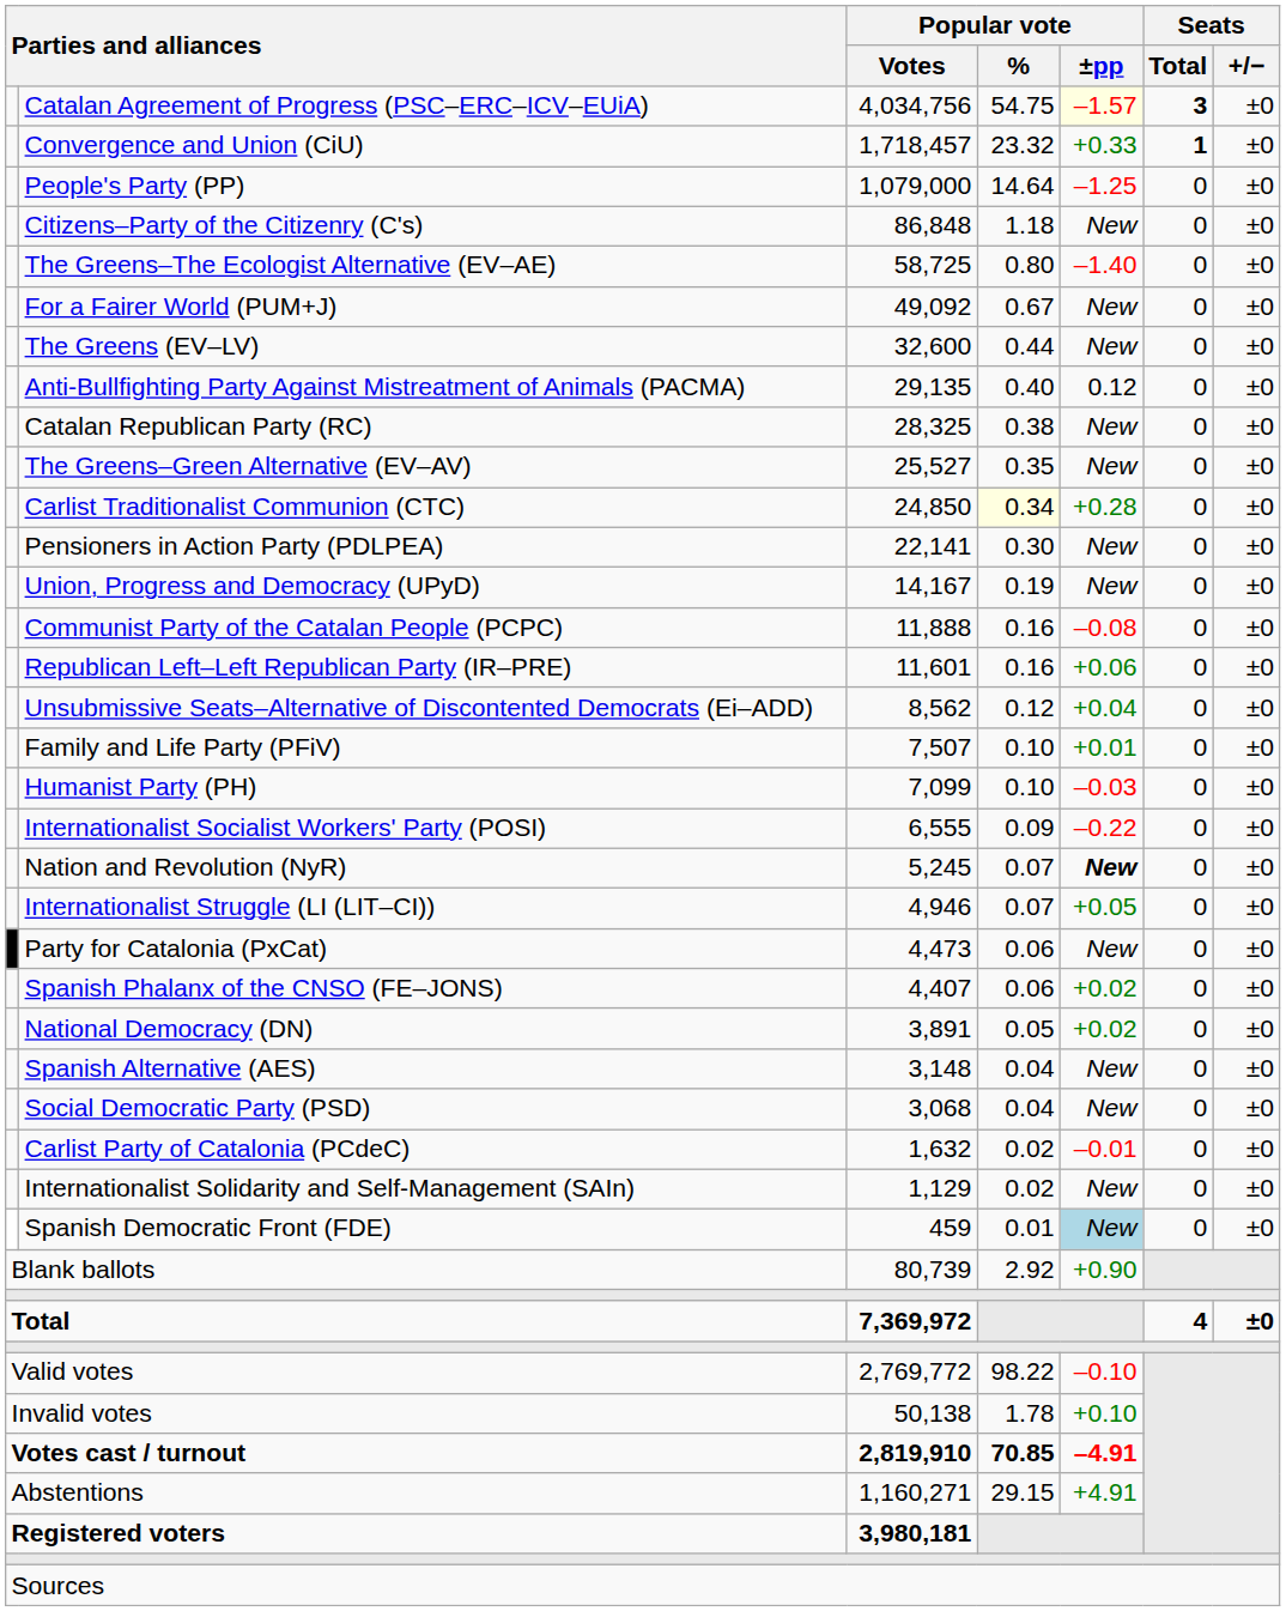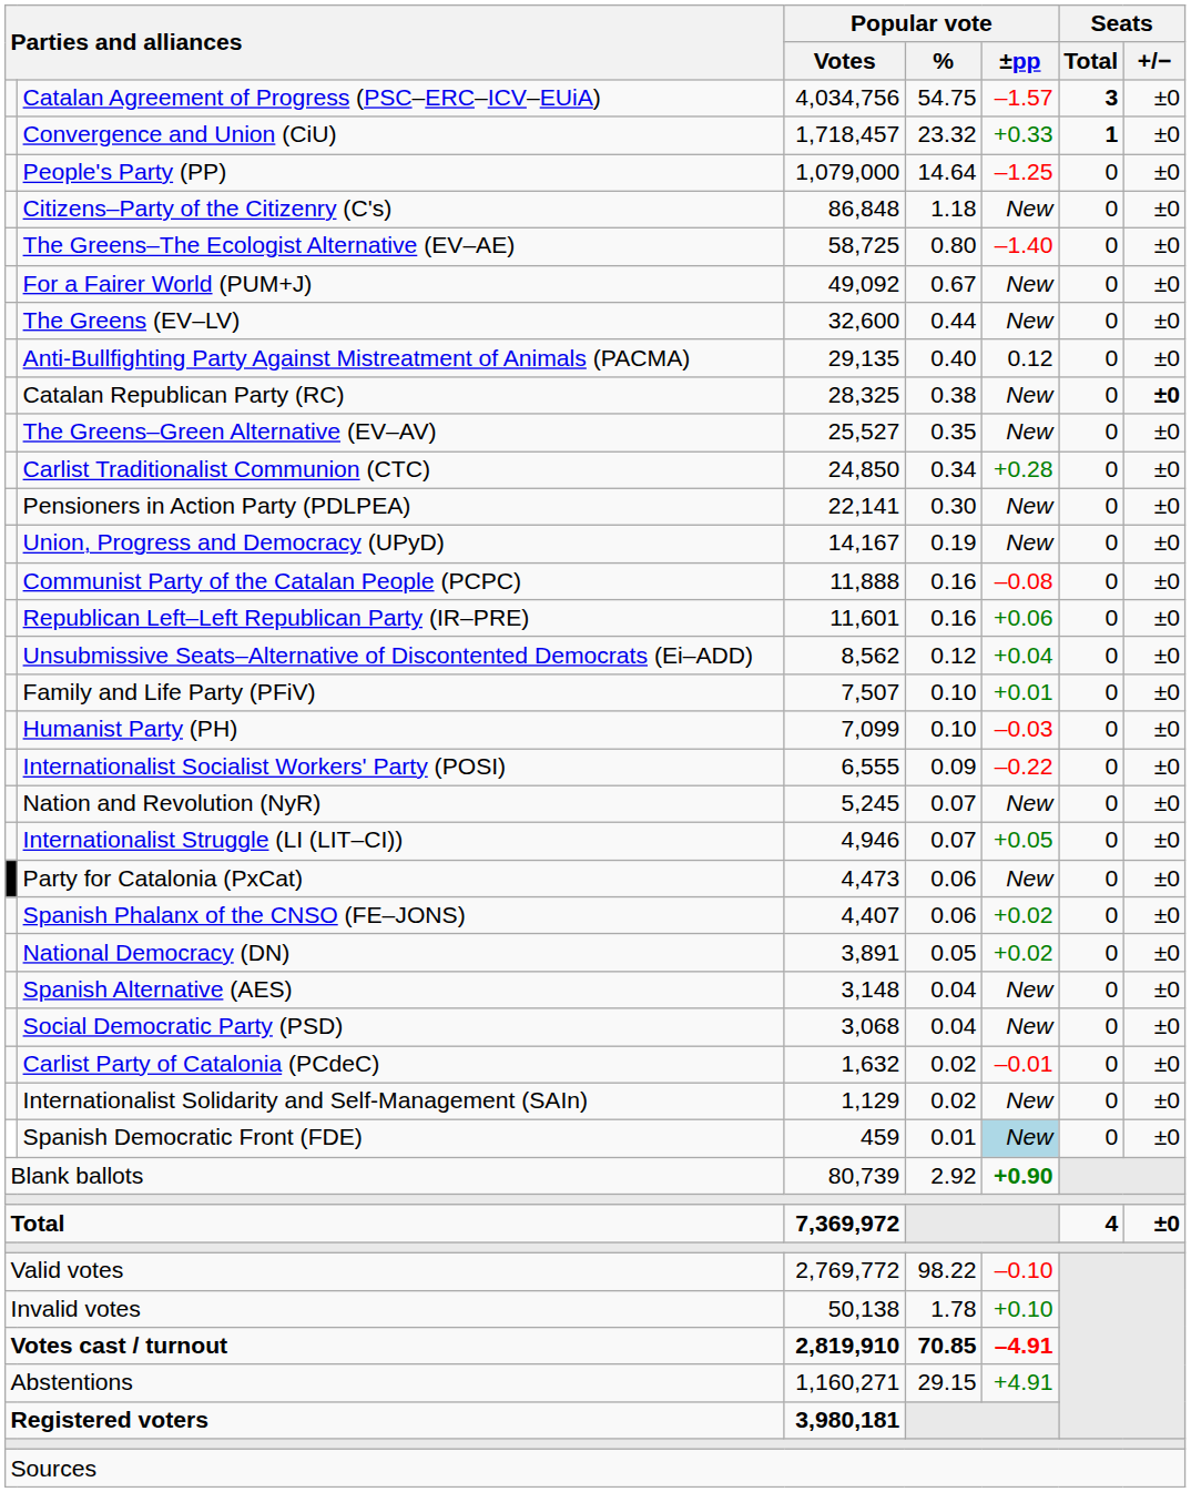 <table class="wikitable" style="text-align:right;">
 <tr>
 <th style="text-align:left;" rowspan="2" colspan="2" width="525">Parties and alliances</th>
 <th colspan="3">Popular vote</th>
 <th colspan="2">Seats</th>
 </tr>
 <tr>
 <th width="75">Votes</th>
 <th width="45">%</th>
 <th width="45">±<a href='#'>pp</a></th>
 <th width="35">Total</th>
 <th width="35">+/−</th>
 </tr>
 <tr>
 <td width="1" style="color:inherit;background:"></td>
 <td align="left"><a href='#'>Catalan Agreement of Progress</a> (<a href='#'>PSC</a>–<a href='#'>ERC</a>–<a href='#'>ICV</a>–<a href='#'>EUiA</a>)</td>
 <td>4,034,756</td>
 <td>54.75</td>
-<td style="background: lightyellow; color:red;">–1.57</td>
+<td style="color:red;">–1.57</td>
 <td><strong>3</strong></td>
 <td>±0</td>
 </tr>
 <tr>
 <td style="color:inherit;background:"></td>
 <td align="left"><a href='#'>Convergence and Union</a> (CiU)</td>
 <td>1,718,457</td>
 <td>23.32</td>
 <td style="color:green;">+0.33</td>
 <td><strong>1</strong></td>
 <td>±0</td>
 </tr>
 <tr>
 <td style="color:inherit;background:"></td>
 <td align="left"><a href='#'>People's Party</a> (PP)</td>
 <td>1,079,000</td>
 <td>14.64</td>
 <td style="color:red;">–1.25</td>
 <td>0</td>
 <td>±0</td>
 </tr>
 <tr>
 <td style="color:inherit;background:"></td>
 <td align="left"><a href='#'>Citizens–Party of the Citizenry</a> (C's)</td>
 <td>86,848</td>
 <td>1.18</td>
 <td><em>New</em></td>
 <td>0</td>
 <td>±0</td>
 </tr>
 <tr>
 <td style="color:inherit;background:"></td>
 <td align="left"><a href='#'>The Greens–The Ecologist Alternative</a> (EV–AE)</td>
 <td>58,725</td>
 <td>0.80</td>
 <td style="color:red;">–1.40</td>
 <td>0</td>
 <td>±0</td>
 </tr>
 <tr>
 <td style="color:inherit;background:"></td>
 <td align="left"><a href='#'>For a Fairer World</a> (PUM+J)</td>
 <td>49,092</td>
 <td>0.67</td>
 <td><em>New</em></td>
 <td>0</td>
 <td>±0</td>
 </tr>
 <tr>
 <td style="color:inherit;background:"></td>
 <td align="left"><a href='#'>The Greens</a> (EV–LV)</td>
 <td>32,600</td>
 <td>0.44</td>
 <td><em>New</em></td>
 <td>0</td>
 <td>±0</td>
 </tr>
 <tr>
 <td style="color:inherit;background:"></td>
 <td align="left"><a href='#'>Anti-Bullfighting Party Against Mistreatment of Animals</a> (PACMA)</td>
 <td>29,135</td>
 <td>0.40</td>
 <td>0.12</td>
 <td>0</td>
 <td>±0</td>
 </tr>
 <tr>
 <td style="color:inherit;background:"></td>
 <td align="left">Catalan Republican Party (RC)</td>
 <td>28,325</td>
 <td>0.38</td>
 <td><em>New</em></td>
 <td>0</td>
-<td>±0</td>
+<td><strong>±0</strong></td>
 </tr>
 <tr>
 <td style="color:inherit;background:"></td>
 <td align="left"><a href='#'>The Greens–Green Alternative</a> (EV–AV)</td>
 <td>25,527</td>
 <td>0.35</td>
 <td><em>New</em></td>
 <td>0</td>
 <td>±0</td>
 </tr>
 <tr>
 <td style="color:inherit;background:"></td>
 <td align="left"><a href='#'>Carlist Traditionalist Communion</a> (CTC)</td>
 <td>24,850</td>
-<td style="background: lightyellow;">0.34</td>
+<td>0.34</td>
 <td style="color:green;">+0.28</td>
 <td>0</td>
 <td>±0</td>
 </tr>
 <tr>
 <td style="color:inherit;background:"></td>
 <td align="left">Pensioners in Action Party (PDLPEA)</td>
 <td>22,141</td>
 <td>0.30</td>
 <td><em>New</em></td>
 <td>0</td>
 <td>±0</td>
 </tr>
 <tr>
 <td style="color:inherit;background:"></td>
 <td align="left"><a href='#'>Union, Progress and Democracy</a> (UPyD)</td>
 <td>14,167</td>
 <td>0.19</td>
 <td><em>New</em></td>
 <td>0</td>
 <td>±0</td>
 </tr>
 <tr>
 <td style="color:inherit;background:"></td>
 <td align="left"><a href='#'>Communist Party of the Catalan People</a> (PCPC)</td>
 <td>11,888</td>
 <td>0.16</td>
 <td style="color:red;">–0.08</td>
 <td>0</td>
 <td>±0</td>
 </tr>
 <tr>
 <td style="color:inherit;background:"></td>
 <td align="left"><a href='#'>Republican Left–Left Republican Party</a> (IR–PRE)</td>
 <td>11,601</td>
 <td>0.16</td>
 <td style="color:green;">+0.06</td>
 <td>0</td>
 <td>±0</td>
 </tr>
 <tr>
 <td style="color:inherit;background:"></td>
 <td align="left"><a href='#'>Unsubmissive Seats–Alternative of Discontented Democrats</a> (Ei–ADD)</td>
 <td>8,562</td>
 <td>0.12</td>
 <td style="color:green;">+0.04</td>
 <td>0</td>
 <td>±0</td>
 </tr>
 <tr>
 <td style="color:inherit;background:"></td>
 <td align="left">Family and Life Party (PFiV)</td>
 <td>7,507</td>
 <td>0.10</td>
 <td style="color:green;">+0.01</td>
 <td>0</td>
 <td>±0</td>
 </tr>
 <tr>
 <td style="color:inherit;background:"></td>
 <td align="left"><a href='#'>Humanist Party</a> (PH)</td>
 <td>7,099</td>
 <td>0.10</td>
 <td style="color:red;">–0.03</td>
 <td>0</td>
 <td>±0</td>
 </tr>
 <tr>
 <td style="color:inherit;background:"></td>
 <td align="left"><a href='#'>Internationalist Socialist Workers' Party</a> (POSI)</td>
 <td>6,555</td>
 <td>0.09</td>
 <td style="color:red;">–0.22</td>
 <td>0</td>
 <td>±0</td>
 </tr>
 <tr>
 <td style="color:inherit;background:"></td>
 <td align="left">Nation and Revolution (NyR)</td>
 <td>5,245</td>
 <td>0.07</td>
-<td><strong><em>New</em></strong></td>
+<td><em>New</em></td>
 <td>0</td>
 <td>±0</td>
 </tr>
 <tr>
 <td style="color:inherit;background:"></td>
 <td align="left"><a href='#'>Internationalist Struggle</a> (LI (LIT–CI))</td>
 <td>4,946</td>
 <td>0.07</td>
 <td style="color:green;">+0.05</td>
 <td>0</td>
 <td>±0</td>
 </tr>
 <tr>
 <td bgcolor="black"></td>
 <td align="left">Party for Catalonia (PxCat)</td>
 <td>4,473</td>
 <td>0.06</td>
 <td><em>New</em></td>
 <td>0</td>
 <td>±0</td>
 </tr>
 <tr>
 <td style="color:inherit;background:"></td>
 <td align="left"><a href='#'>Spanish Phalanx of the CNSO</a> (FE–JONS)</td>
 <td>4,407</td>
 <td>0.06</td>
 <td style="color:green;">+0.02</td>
 <td>0</td>
 <td>±0</td>
 </tr>
 <tr>
 <td style="color:inherit;background:"></td>
 <td align="left"><a href='#'>National Democracy</a> (DN)</td>
 <td>3,891</td>
 <td>0.05</td>
 <td style="color:green;">+0.02</td>
 <td>0</td>
 <td>±0</td>
 </tr>
 <tr>
 <td style="color:inherit;background:"></td>
 <td align="left"><a href='#'>Spanish Alternative</a> (AES)</td>
 <td>3,148</td>
 <td>0.04</td>
 <td><em>New</em></td>
 <td>0</td>
 <td>±0</td>
 </tr>
 <tr>
 <td style="color:inherit;background:"></td>
 <td align="left"><a href='#'>Social Democratic Party</a> (PSD)</td>
 <td>3,068</td>
 <td>0.04</td>
 <td><em>New</em></td>
 <td>0</td>
 <td>±0</td>
 </tr>
 <tr>
 <td style="color:inherit;background:"></td>
 <td align="left"><a href='#'>Carlist Party of Catalonia</a> (PCdeC)</td>
 <td>1,632</td>
 <td>0.02</td>
 <td style="color:red;">–0.01</td>
 <td>0</td>
 <td>±0</td>
 </tr>
 <tr>
 <td style="color:inherit;background:"></td>
 <td align="left">Internationalist Solidarity and Self-Management (SAIn)</td>
 <td>1,129</td>
 <td>0.02</td>
 <td><em>New</em></td>
 <td>0</td>
 <td>±0</td>
 </tr>
 <tr>
 <td bgcolor="white"></td>
 <td align="left">Spanish Democratic Front (FDE)</td>
 <td>459</td>
 <td>0.01</td>
 <td style="background: lightblue;"><em>New</em></td>
 <td>0</td>
 <td>±0</td>
 </tr>
 <tr>
 <td align="left" colspan="2">Blank ballots</td>
 <td>80,739</td>
 <td>2.92</td>
-<td style="color:green;">+0.90</td>
+<td style="color:green;"><strong>+0.90</strong></td>
 <td bgcolor="#E9E9E9" colspan="2"></td>
 </tr>
 <tr>
 <td colspan="7" bgcolor="#E9E9E9"></td>
 </tr>
 <tr style="font-weight:bold;">
 <td align="left" colspan="2">Total</td>
 <td>7,369,972</td>
 <td bgcolor="#E9E9E9" colspan="2"></td>
 <td>4</td>
 <td>±0</td>
 </tr>
 <tr>
 <td colspan="7" bgcolor="#E9E9E9"></td>
 </tr>
 <tr>
 <td align="left" colspan="2">Valid votes</td>
 <td>2,769,772</td>
 <td>98.22</td>
 <td style="color:red;">–0.10</td>
 <td bgcolor="#E9E9E9" colspan="2" rowspan="5"></td>
 </tr>
 <tr>
 <td align="left" colspan="2">Invalid votes</td>
 <td>50,138</td>
 <td>1.78</td>
 <td style="color:green;">+0.10</td>
 </tr>
 <tr style="font-weight:bold;">
 <td align="left" colspan="2">Votes cast / turnout</td>
 <td>2,819,910</td>
 <td>70.85</td>
 <td style="color:red;">–4.91</td>
 </tr>
 <tr>
 <td align="left" colspan="2">Abstentions</td>
 <td>1,160,271</td>
 <td>29.15</td>
 <td style="color:green;">+4.91</td>
 </tr>
 <tr style="font-weight:bold;">
 <td align="left" colspan="2">Registered voters</td>
 <td>3,980,181</td>
 <td bgcolor="#E9E9E9" colspan="2"></td>
 </tr>
 <tr>
 <td colspan="7" bgcolor="#E9E9E9"></td>
 </tr>
 <tr>
 <td align="left" colspan="7">Sources</td>
 </tr>
 </table>
